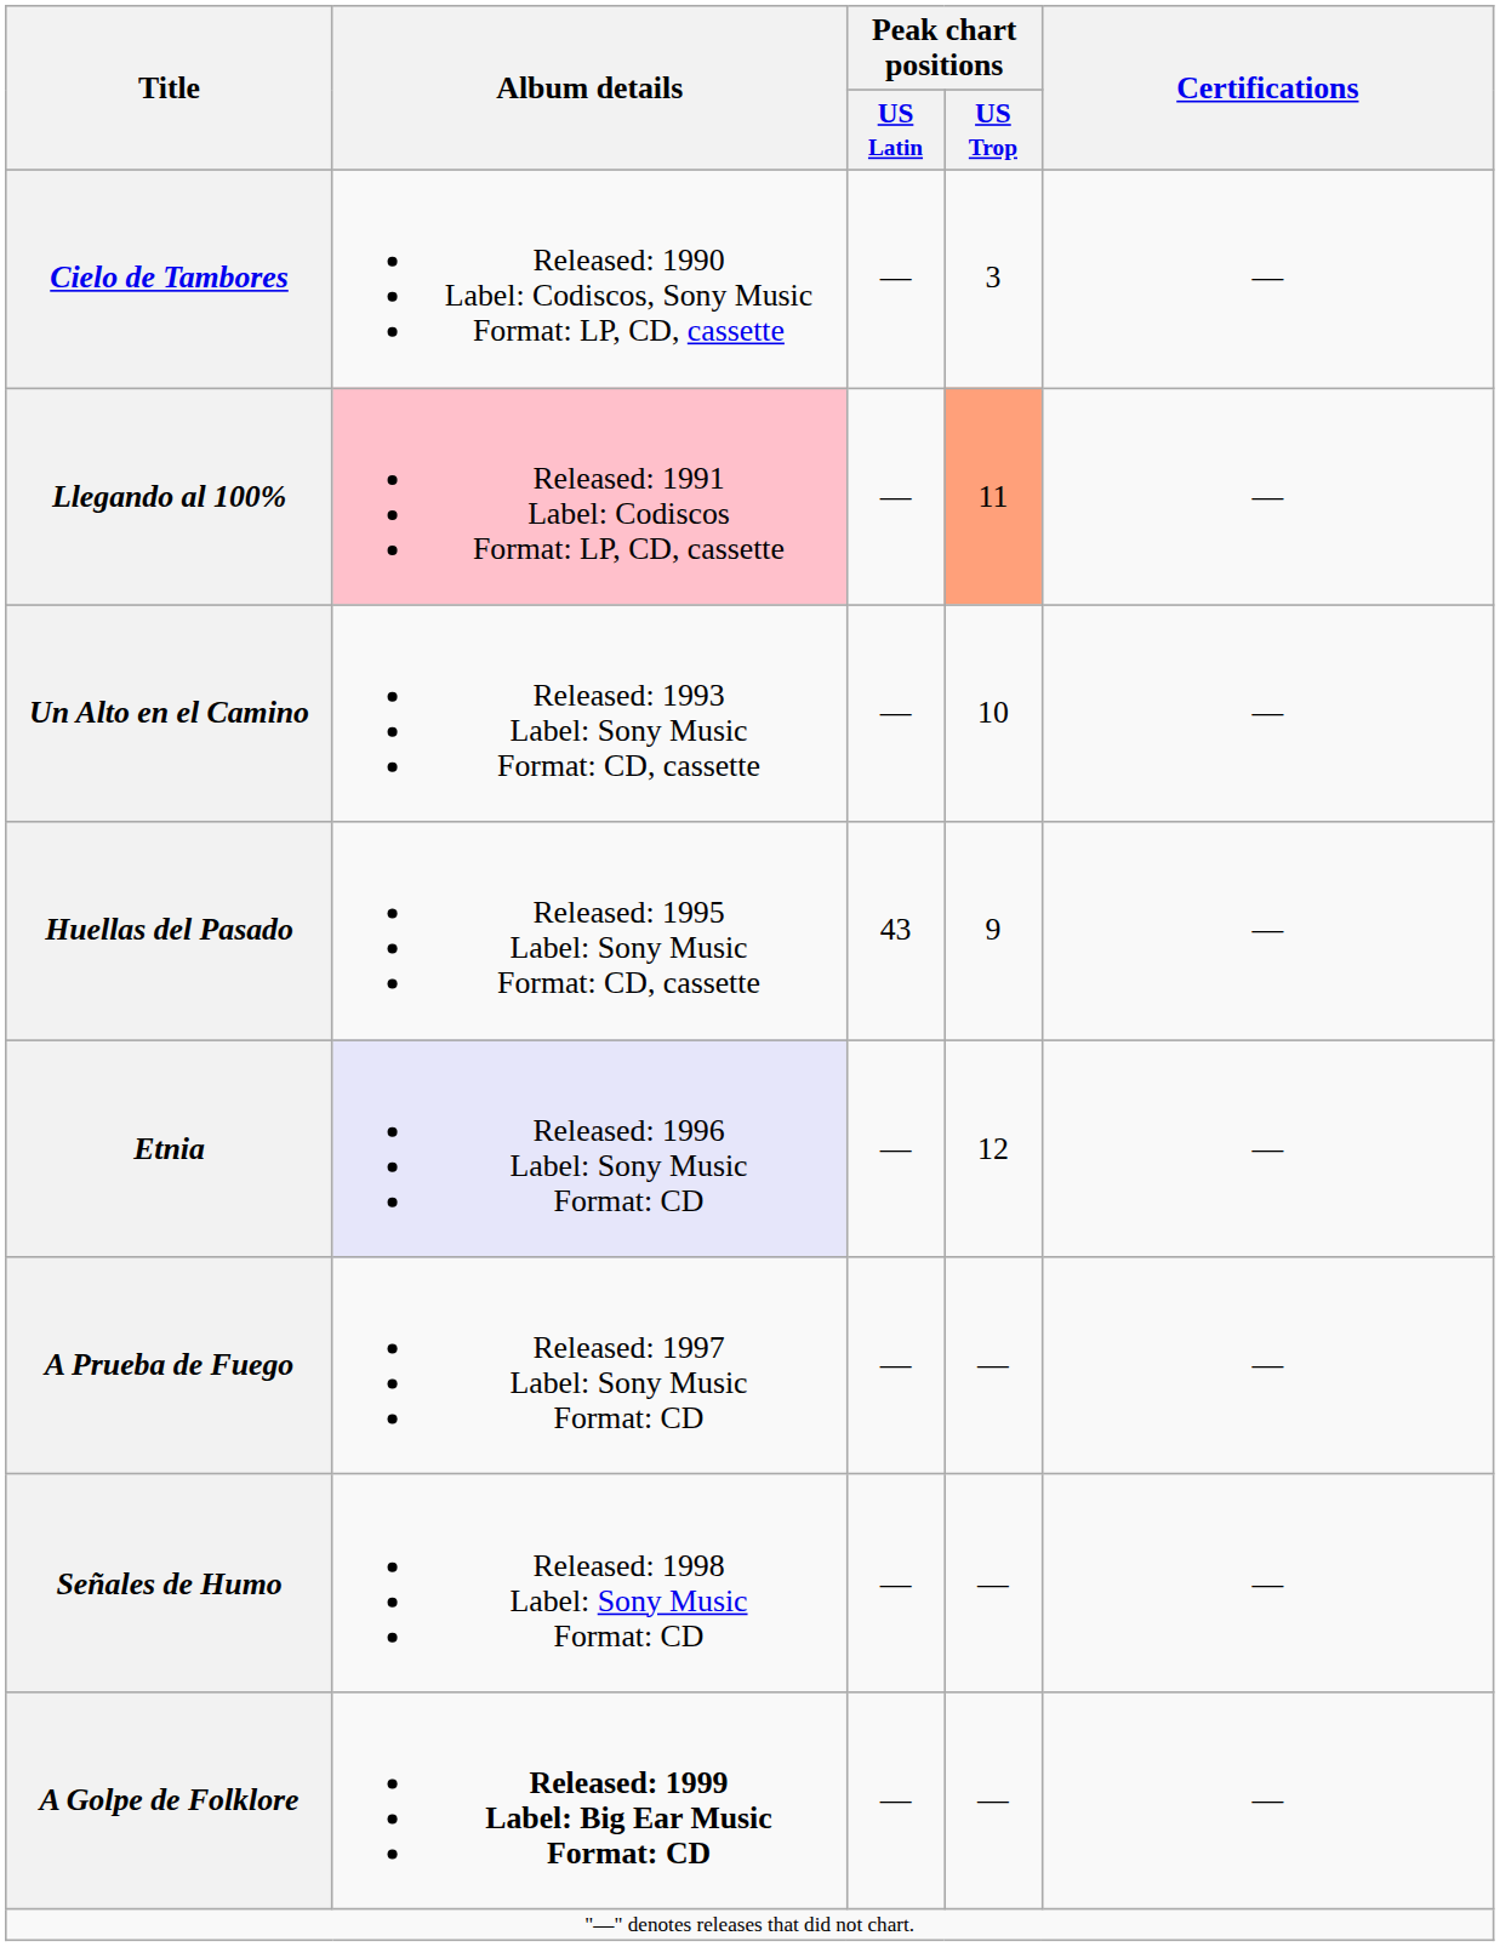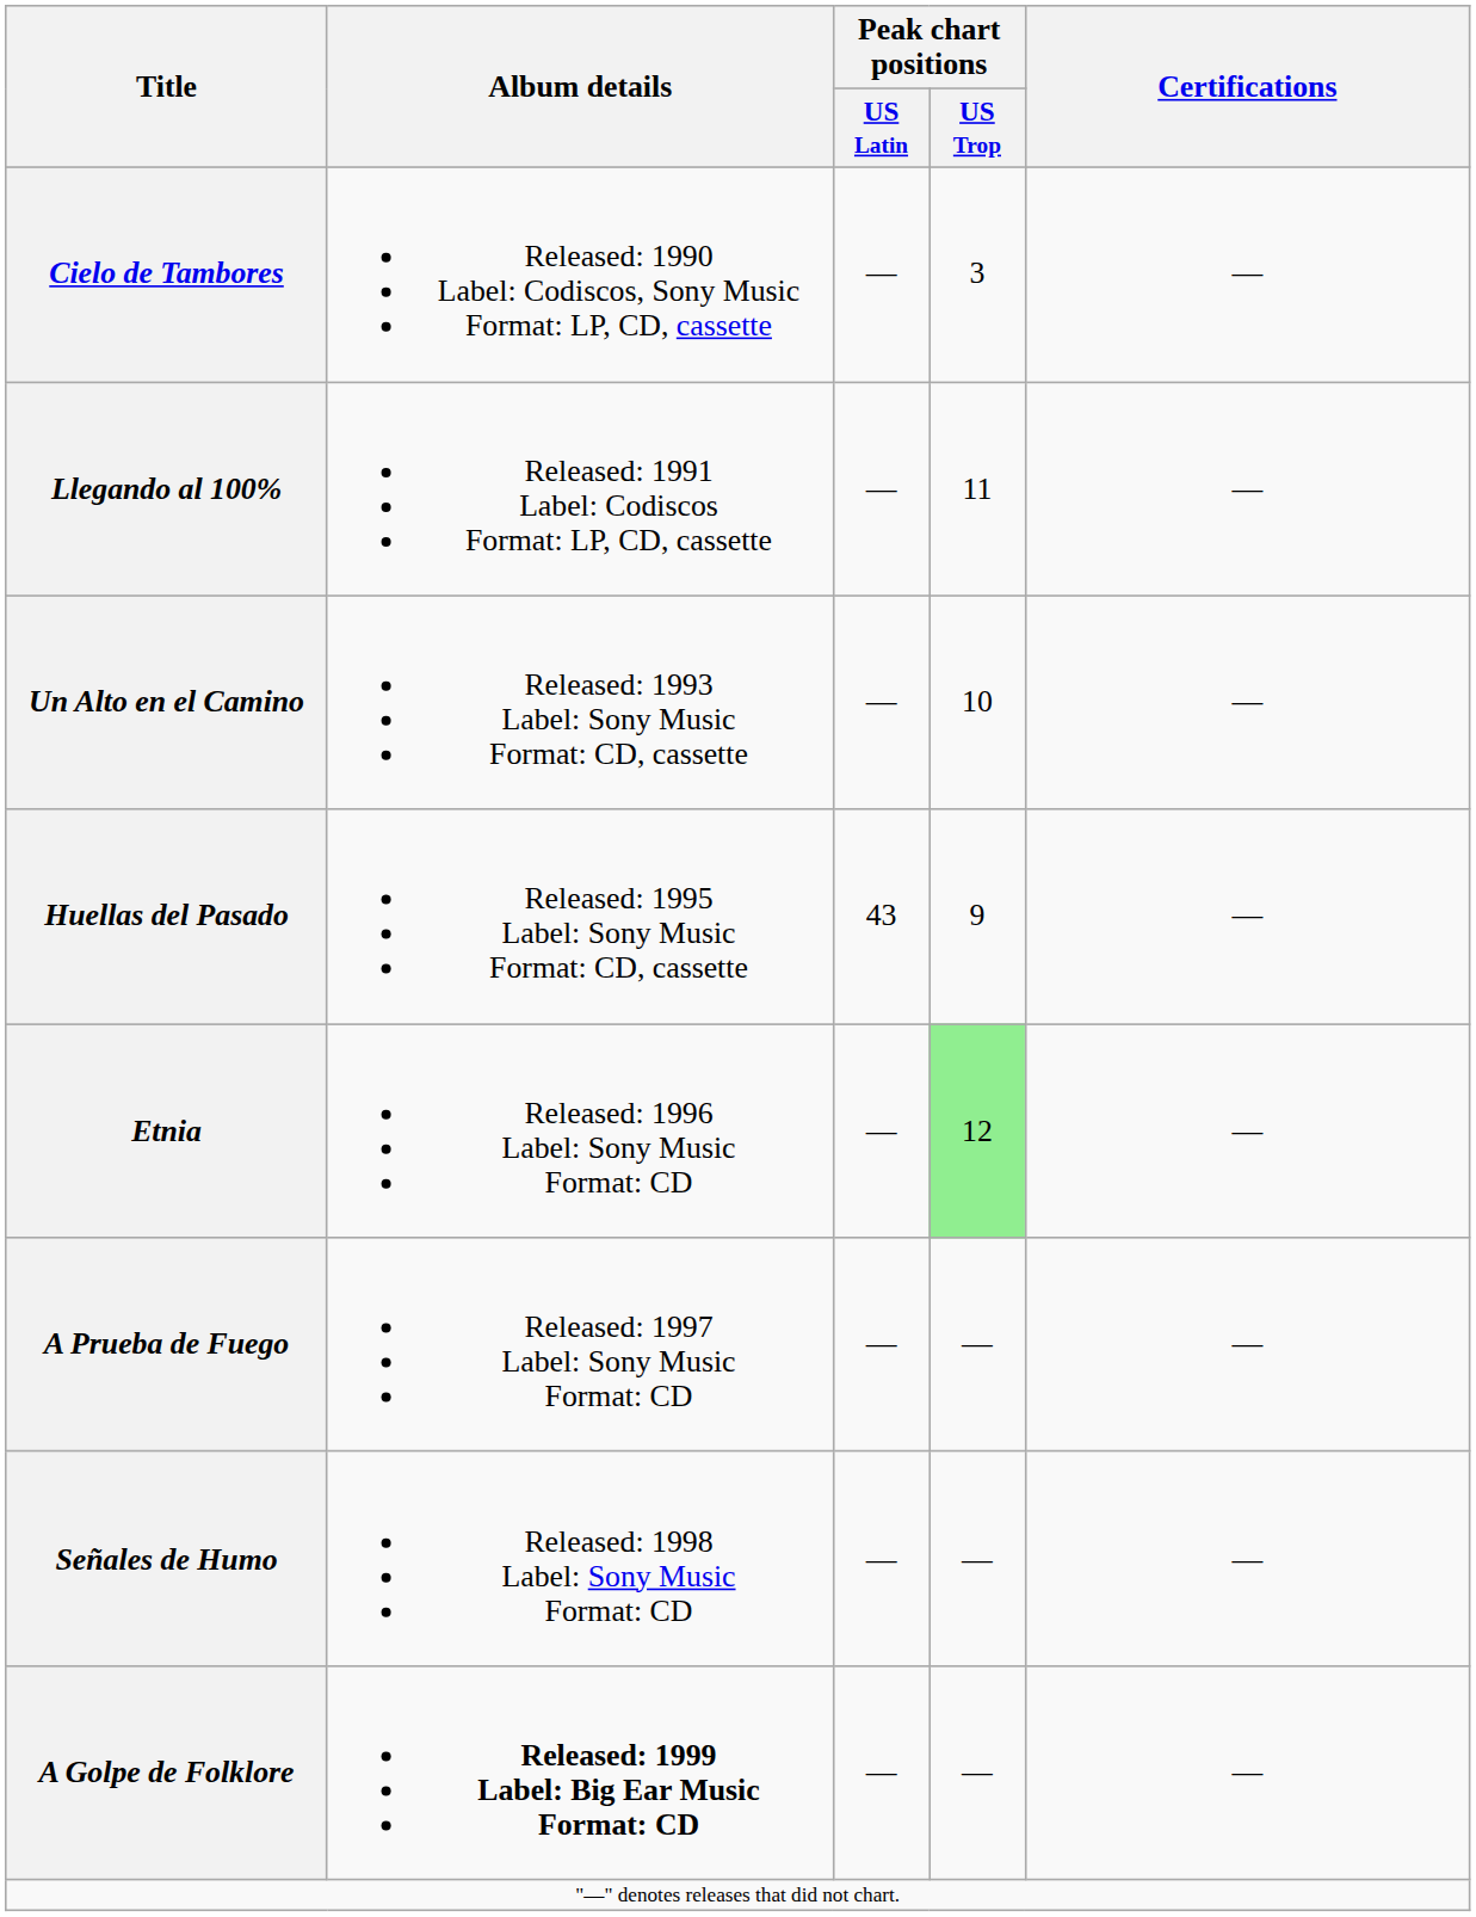 <table class="wikitable plainrowheaders" style="text-align:center;" border="1">
 <tr>
 <th scope="col" rowspan="2" style="width:10em;">Title</th>
 <th scope="col" rowspan="2" style="width:16em;">Album details</th>
 <th scope="col" colspan="2">Peak chart positions</th>
 <th scope="col" rowspan="2" style="width:14em;"><a href='#'>Certifications</a></th>
 </tr>
 <tr>
 <th scope="col" style="width:3em;font-size:90%;"><a href='#'>US<br><small>Latin</small></a><br></th>
 <th scope="col" style="width:3em;font-size:90%;"><a href='#'>US<br><small>Trop</small></a><br></th>
 </tr>
 <tr>
 <th scope="row"><em><a href='#'>Cielo de Tambores</a></em></th>
 <td><br><ul><li>Released: 1990</li><li>Label: Codiscos, Sony Music</li><li>Format: LP, CD, <a href='#'>cassette</a></li></ul></td>
 <td>—</td>
 <td>3</td>
 <td>—</td>
 </tr>
 <tr>
 <th scope="row"><em>Llegando al 100%</em></th>
-<td style="background: pink;"><br><ul><li>Released: 1991</li><li>Label: Codiscos</li><li>Format: LP, CD, cassette</li></ul></td>
+<td><br><ul><li>Released: 1991</li><li>Label: Codiscos</li><li>Format: LP, CD, cassette</li></ul></td>
 <td>—</td>
-<td style="background: lightsalmon;">11</td>
+<td>11</td>
 <td>—</td>
 </tr>
 <tr>
 <th scope="row"><em>Un Alto en el Camino</em></th>
 <td><br><ul><li>Released: 1993</li><li>Label: Sony Music</li><li>Format: CD, cassette</li></ul></td>
 <td>—</td>
 <td>10</td>
 <td>—</td>
 </tr>
 <tr>
 <th scope="row"><em>Huellas del Pasado</em></th>
 <td><br><ul><li>Released: 1995</li><li>Label: Sony Music</li><li>Format: CD, cassette</li></ul></td>
 <td>43</td>
 <td>9</td>
 <td>—</td>
 </tr>
 <tr>
 <th scope="row"><em>Etnia</em></th>
-<td style="background: lavender;"><br><ul><li>Released: 1996</li><li>Label: Sony Music</li><li>Format: CD</li></ul></td>
+<td><br><ul><li>Released: 1996</li><li>Label: Sony Music</li><li>Format: CD</li></ul></td>
 <td>—</td>
-<td>12</td>
+<td style="background: lightgreen;">12</td>
 <td>—</td>
 </tr>
 <tr>
 <th scope="row"><em>A Prueba de Fuego</em></th>
 <td><br><ul><li>Released: 1997</li><li>Label: Sony Music</li><li>Format: CD</li></ul></td>
 <td>—</td>
 <td>—</td>
 <td>—</td>
 </tr>
 <tr>
 <th scope="row"><em>Señales de Humo</em></th>
 <td><br><ul><li>Released: 1998</li><li>Label: <a href='#'>Sony Music</a></li><li>Format: CD</li></ul></td>
 <td>—</td>
 <td>—</td>
 <td>—</td>
 </tr>
 <tr>
 <th scope="row"><em>A Golpe de Folklore</em></th>
 <td><strong><br><ul><li>Released: 1999</li><li>Label: Big Ear Music</li><li>Format: CD</li></ul></strong></td>
 <td>—</td>
 <td>—</td>
 <td>—</td>
 </tr>
 <tr>
 <td colspan="21" style="text-align:center; font-size:8pt;">"—" denotes releases that did not chart.</td>
 </tr>
 </table>
